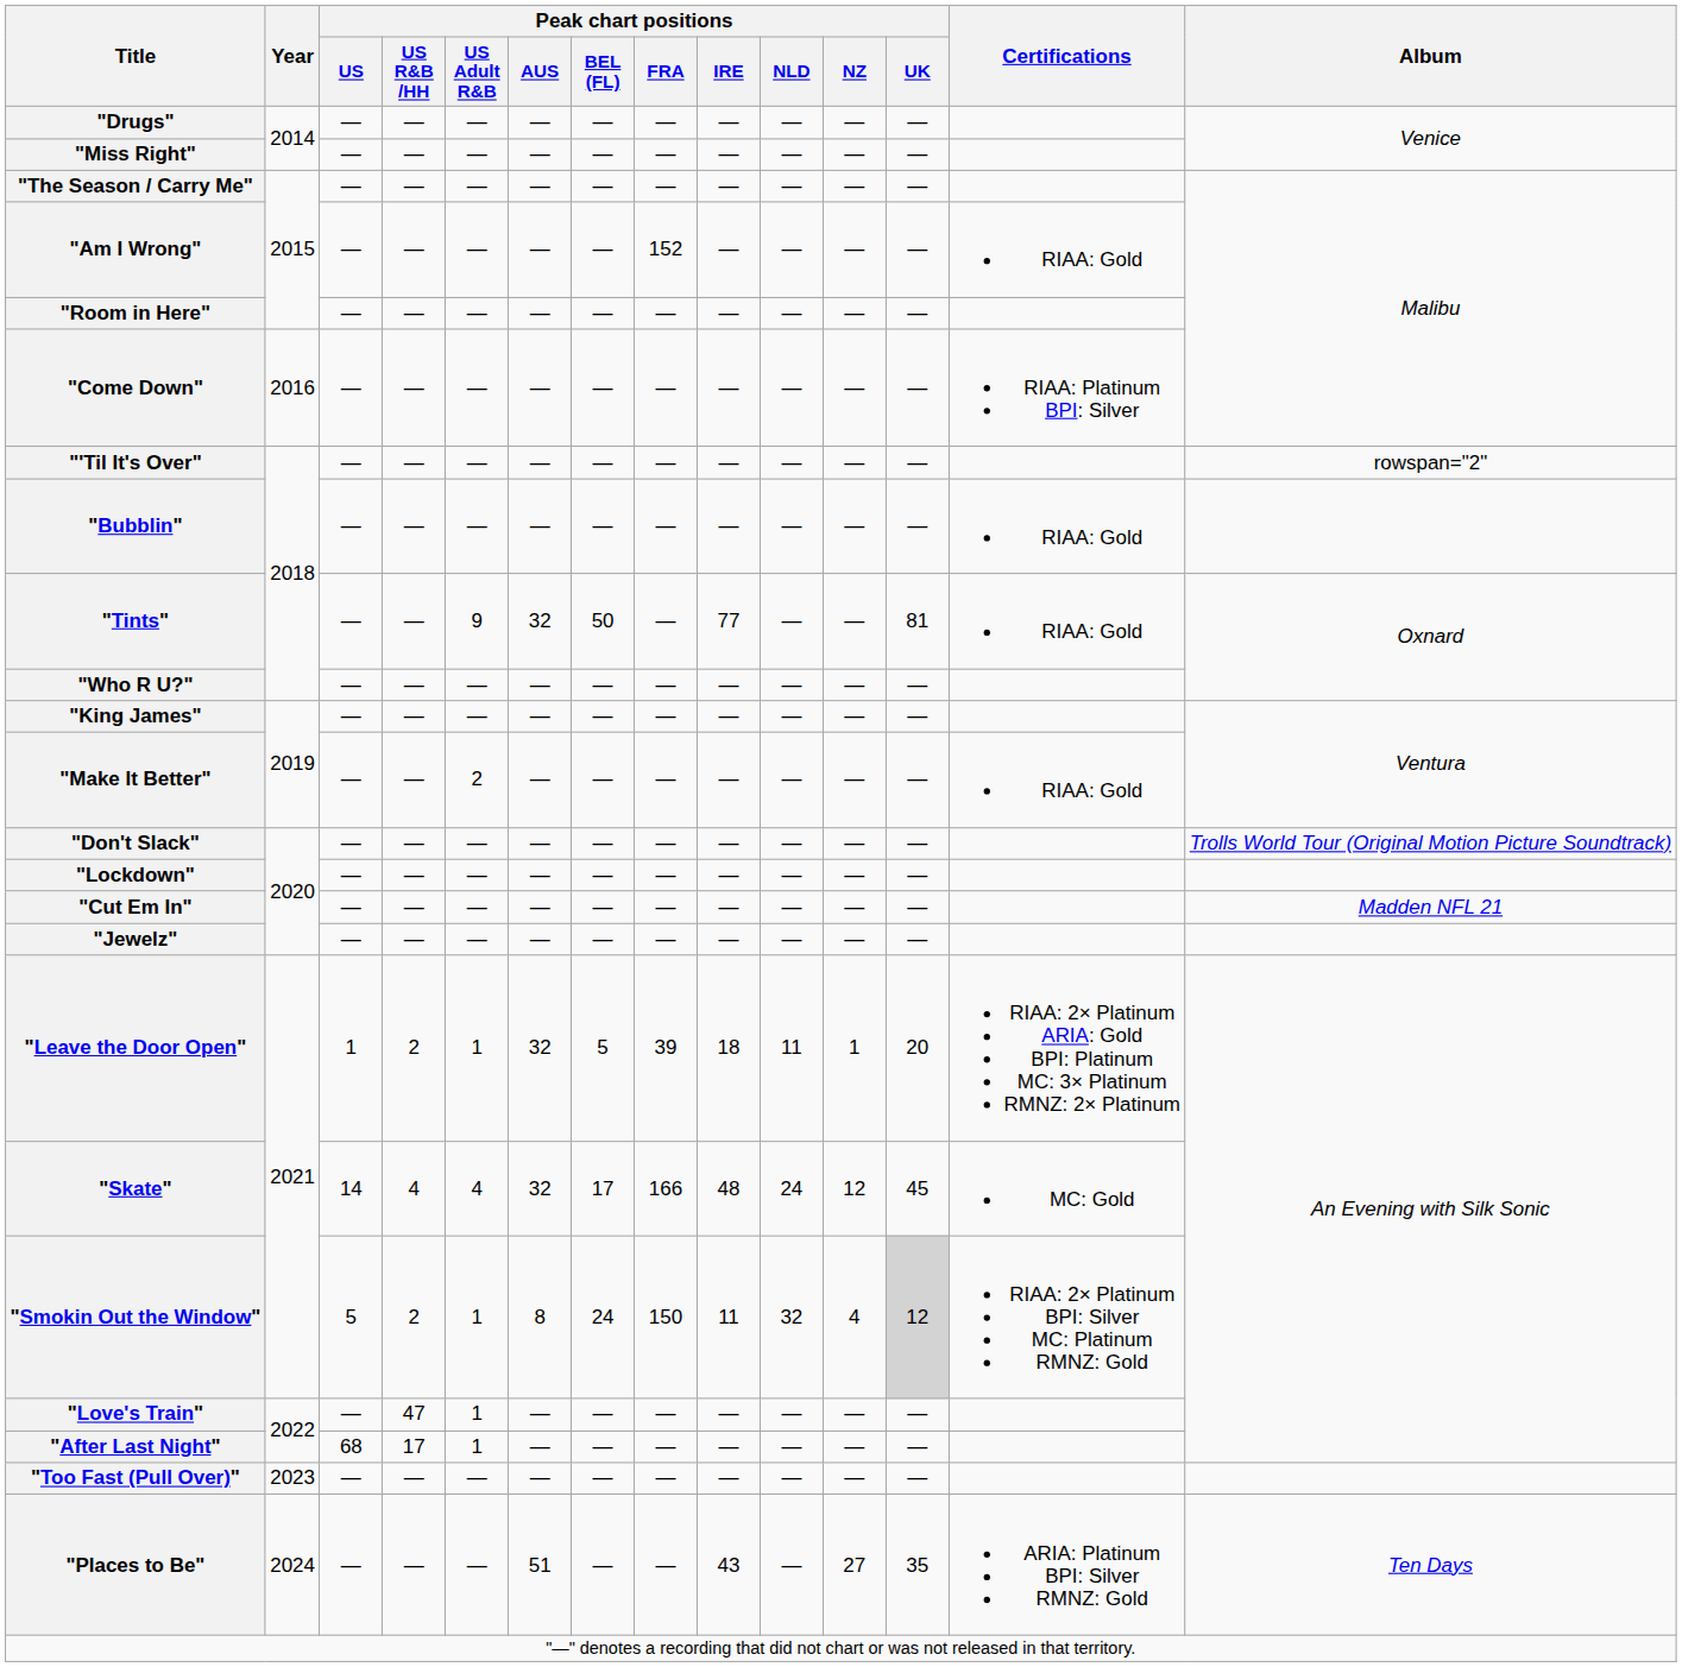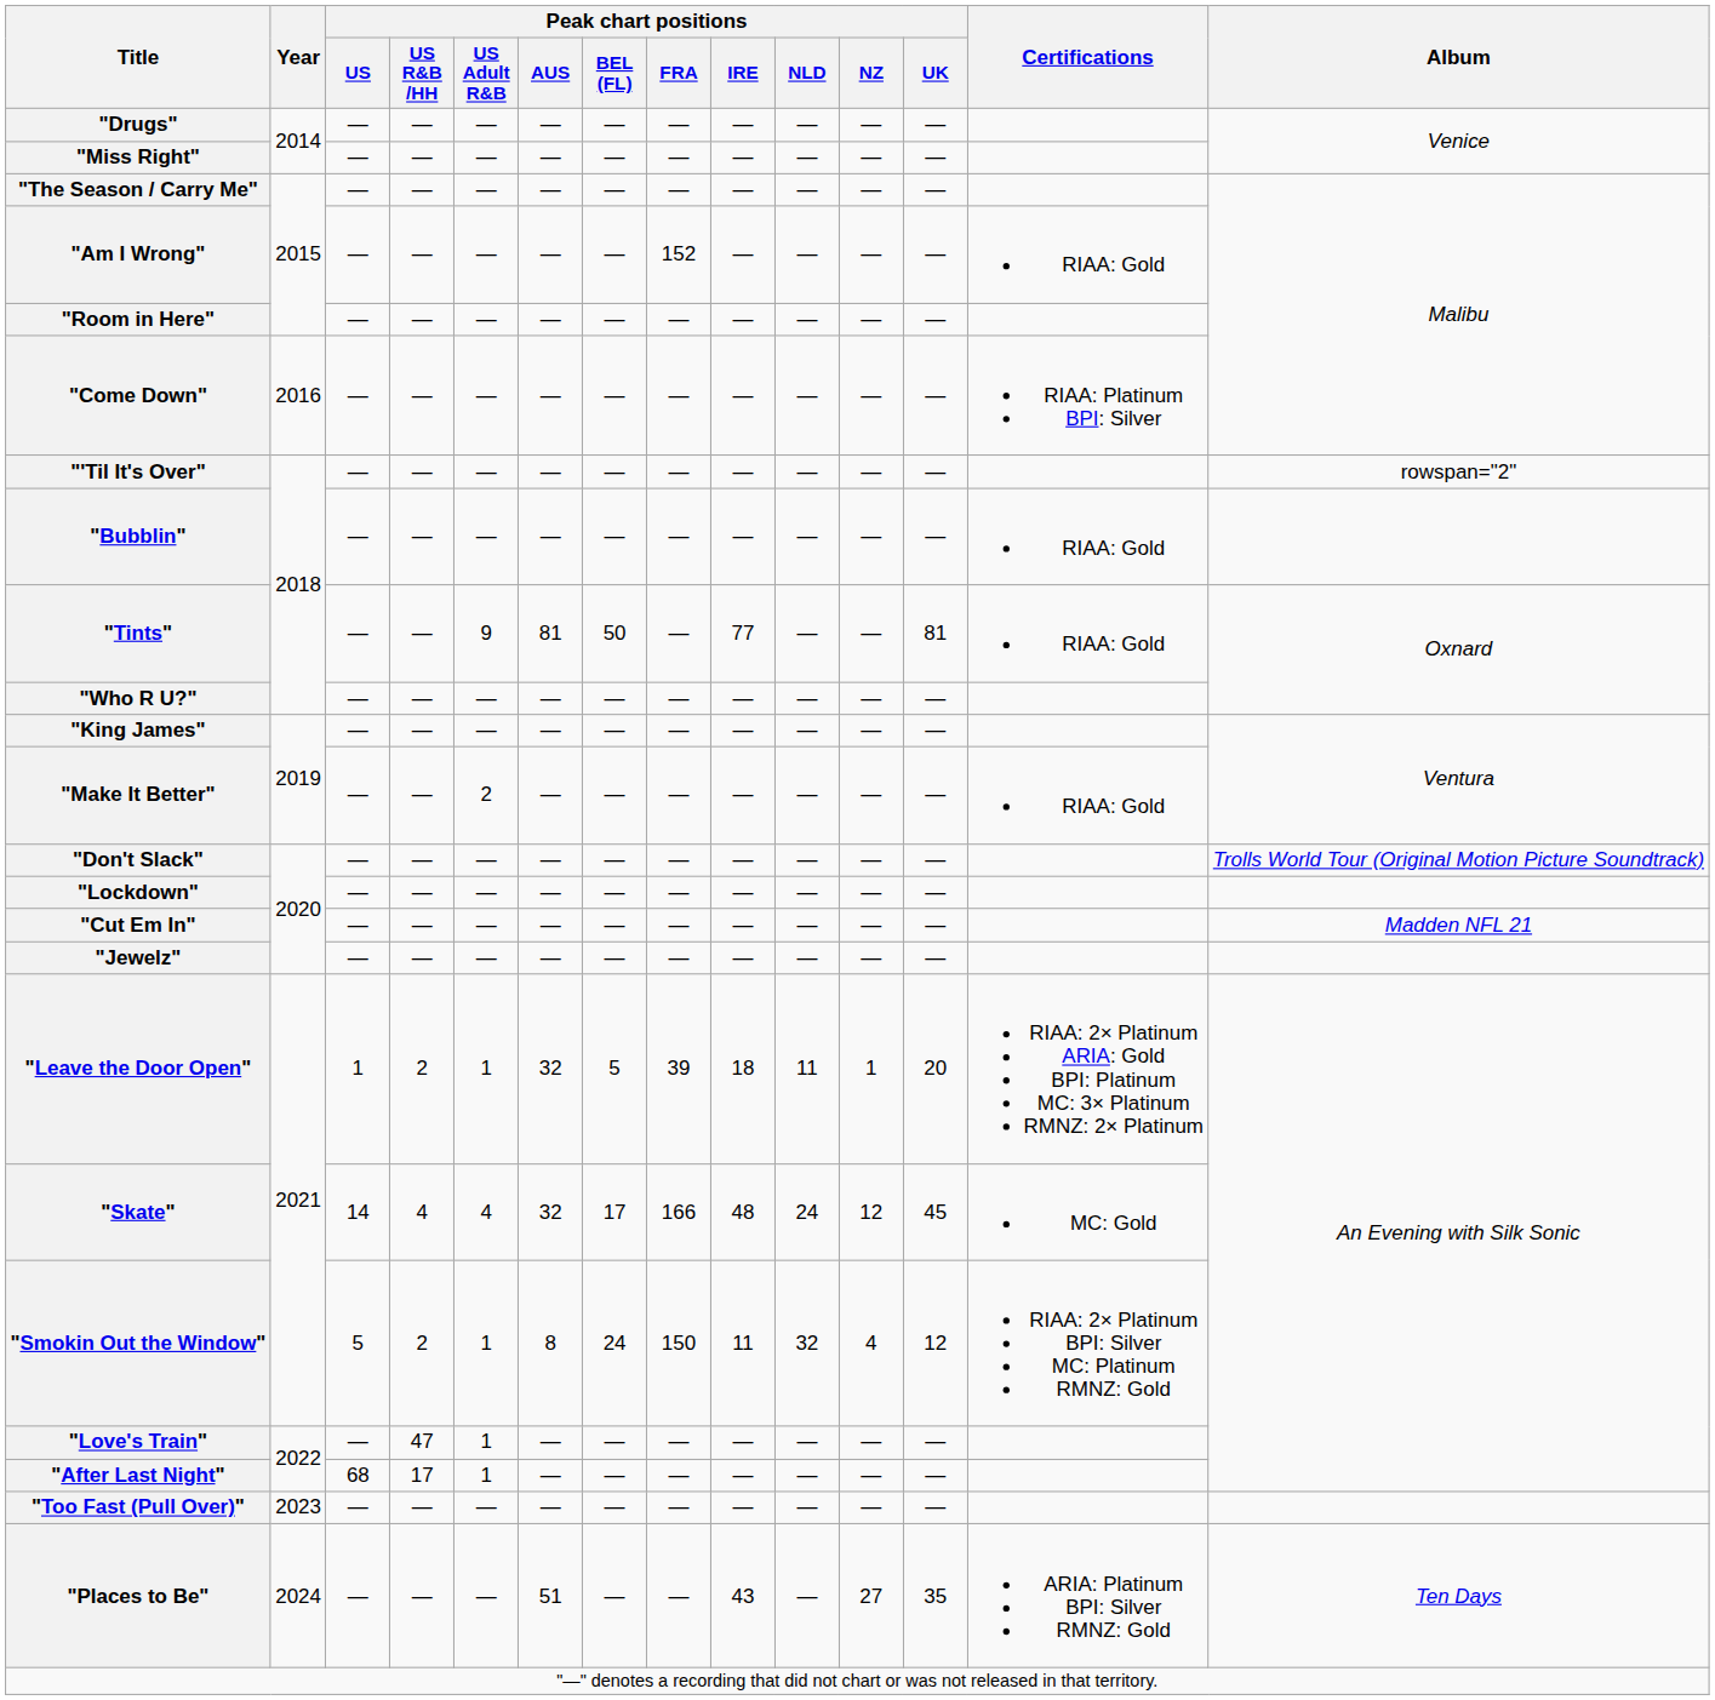 <table class="wikitable plainrowheaders" style="text-align:center;">
 <tr>
 <th scope="col" rowspan="2">Title</th>
 <th scope="col" rowspan="2">Year</th>
 <th scope="col" colspan="10">Peak chart positions</th>
 <th scope="col" rowspan="2"><a href='#'>Certifications</a></th>
 <th scope="col" rowspan="2">Album</th>
 </tr>
 <tr>
 <th scope="col" style="width:3em;font-size:90%;"><a href='#'>US</a><br></th>
 <th scope="col" style="width:3em;font-size:90%;"><a href='#'>US<br>R&B<br>/HH</a><br></th>
 <th scope="col" style="width:3em;font-size:90%;"><a href='#'>US<br>Adult<br>R&B</a><br></th>
 <th scope="col" style="width:3em;font-size:90%;"><a href='#'>AUS</a><br></th>
 <th scope="col" style="width:3em;font-size:90%;"><a href='#'>BEL<br>(FL)</a><br></th>
 <th scope="col" style="width:3em;font-size:90%;"><a href='#'>FRA</a><br></th>
 <th scope="col" style="width:3em;font-size:90%;"><a href='#'>IRE</a><br></th>
 <th scope="col" style="width:3em;font-size:90%;"><a href='#'>NLD</a><br></th>
 <th scope="col" style="width:3em;font-size:90%;"><a href='#'>NZ</a><br></th>
 <th scope="col" style="width:3em;font-size:90%;"><a href='#'>UK</a><br></th>
 </tr>
 <tr>
 <th scope="row">"Drugs"</th>
 <td rowspan="2">2014</td>
 <td>—</td>
 <td>—</td>
 <td>—</td>
 <td>—</td>
 <td>—</td>
 <td>—</td>
 <td>—</td>
 <td>—</td>
 <td>—</td>
 <td>—</td>
 <td></td>
 <td rowspan="2"><em>Venice</em></td>
 </tr>
 <tr>
 <th scope="row">"Miss Right"</th>
 <td>—</td>
 <td>—</td>
 <td>—</td>
 <td>—</td>
 <td>—</td>
 <td>—</td>
 <td>—</td>
 <td>—</td>
 <td>—</td>
 <td>—</td>
 <td></td>
 </tr>
 <tr>
 <th scope="row">"The Season / Carry Me"</th>
 <td rowspan="3">2015</td>
 <td>—</td>
 <td>—</td>
 <td>—</td>
 <td>—</td>
 <td>—</td>
 <td>—</td>
 <td>—</td>
 <td>—</td>
 <td>—</td>
 <td>—</td>
 <td></td>
 <td rowspan="4"><em>Malibu</em></td>
 </tr>
 <tr>
 <th scope="row">"Am I Wrong"<br></th>
 <td>—</td>
 <td>—</td>
 <td>—</td>
 <td>—</td>
 <td>—</td>
 <td>152</td>
 <td>—</td>
 <td>—</td>
 <td>—</td>
 <td>—</td>
 <td><br><ul><li>RIAA: Gold</li></ul></td>
 </tr>
 <tr>
 <th scope="row">"Room in Here"<br></th>
 <td>—</td>
 <td>—</td>
 <td>—</td>
 <td>—</td>
 <td>—</td>
 <td>—</td>
 <td>—</td>
 <td>—</td>
 <td>—</td>
 <td>—</td>
 <td></td>
 </tr>
 <tr>
 <th scope="row">"Come Down"<br></th>
 <td>2016</td>
 <td>—</td>
 <td>—</td>
 <td>—</td>
 <td>—</td>
 <td>—</td>
 <td>—</td>
 <td>—</td>
 <td>—</td>
 <td>—</td>
 <td>—</td>
 <td><br><ul><li>RIAA: Platinum</li><li><a href='#'>BPI</a>: Silver</li></ul></td>
 </tr>
 <tr>
 <th scope="row">"'Til It's Over"<br></th>
 <td rowspan="4">2018</td>
 <td>—</td>
 <td>—</td>
 <td>—</td>
 <td>—</td>
 <td>—</td>
 <td>—</td>
 <td>—</td>
 <td>—</td>
 <td>—</td>
 <td>—</td>
 <td></td>
 <td>rowspan="2" </td>
 </tr>
 <tr>
 <th scope="row">"<a href='#'>Bubblin</a>"</th>
 <td>—</td>
 <td>—</td>
 <td>—</td>
 <td>—</td>
 <td>—</td>
 <td>—</td>
 <td>—</td>
 <td>—</td>
 <td>—</td>
 <td>—</td>
 <td><br><ul><li>RIAA: Gold</li></ul></td>
 </tr>
 <tr>
 <th scope="row">"<a href='#'>Tints</a>"<br></th>
 <td>—</td>
 <td>—</td>
 <td>9</td>
-<td>32</td>
+<td>81</td>
 <td>50</td>
 <td>—</td>
 <td>77</td>
 <td>—</td>
 <td>—</td>
 <td>81</td>
 <td><br><ul><li>RIAA: Gold</li></ul></td>
 <td rowspan="2"><em>Oxnard</em></td>
 </tr>
 <tr>
 <th scope="row">"Who R U?"</th>
 <td>—</td>
 <td>—</td>
 <td>—</td>
 <td>—</td>
 <td>—</td>
 <td>—</td>
 <td>—</td>
 <td>—</td>
 <td>—</td>
 <td>—</td>
 <td></td>
 </tr>
 <tr>
 <th scope="row">"King James"</th>
 <td rowspan="2">2019</td>
 <td>—</td>
 <td>—</td>
 <td>—</td>
 <td>—</td>
 <td>—</td>
 <td>—</td>
 <td>—</td>
 <td>—</td>
 <td>—</td>
 <td>—</td>
 <td></td>
 <td rowspan="2"><em>Ventura</em></td>
 </tr>
 <tr>
 <th scope="row">"Make It Better"<br></th>
 <td>—</td>
 <td>—</td>
 <td>2</td>
 <td>—</td>
 <td>—</td>
 <td>—</td>
 <td>—</td>
 <td>—</td>
 <td>—</td>
 <td>—</td>
 <td><br><ul><li>RIAA: Gold</li></ul></td>
 </tr>
 <tr>
 <th scope="row">"Don't Slack"<br></th>
 <td rowspan="4">2020</td>
 <td>—</td>
 <td>—</td>
 <td>—</td>
 <td>—</td>
 <td>—</td>
 <td>—</td>
 <td>—</td>
 <td>—</td>
 <td>—</td>
 <td>—</td>
 <td></td>
 <td><em><a href='#'>Trolls World Tour (Original Motion Picture Soundtrack)</a></em></td>
 </tr>
 <tr>
 <th scope="row">"Lockdown"</th>
 <td>—</td>
 <td>—</td>
 <td>—</td>
 <td>—</td>
 <td>—</td>
 <td>—</td>
 <td>—</td>
 <td>—</td>
 <td>—</td>
 <td>—</td>
 <td></td>
 <td></td>
 </tr>
 <tr>
 <th scope="row">"Cut Em In"<br></th>
 <td>—</td>
 <td>—</td>
 <td>—</td>
 <td>—</td>
 <td>—</td>
 <td>—</td>
 <td>—</td>
 <td>—</td>
 <td>—</td>
 <td>—</td>
 <td></td>
 <td><em><a href='#'>Madden NFL 21</a></em></td>
 </tr>
 <tr>
 <th scope="row">"Jewelz"</th>
 <td>—</td>
 <td>—</td>
 <td>—</td>
 <td>—</td>
 <td>—</td>
 <td>—</td>
 <td>—</td>
 <td>—</td>
 <td>—</td>
 <td>—</td>
 <td></td>
 <td></td>
 </tr>
 <tr>
 <th scope="row">"<a href='#'>Leave the Door Open</a>"<br></th>
 <td rowspan="3">2021</td>
 <td>1</td>
 <td>2</td>
 <td>1</td>
 <td>32</td>
 <td>5</td>
 <td>39</td>
 <td>18</td>
 <td>11</td>
 <td>1</td>
 <td>20</td>
 <td><br><ul><li>RIAA: 2× Platinum</li><li><a href='#'>ARIA</a>: Gold</li><li>BPI: Platinum</li><li>MC: 3× Platinum</li><li>RMNZ: 2× Platinum</li></ul></td>
 <td rowspan="5"><em>An Evening with Silk Sonic</em></td>
 </tr>
 <tr>
 <th scope="row">"<a href='#'>Skate</a>"<br></th>
 <td>14</td>
 <td>4</td>
 <td>4</td>
 <td>32</td>
 <td>17</td>
 <td>166</td>
 <td>48</td>
 <td>24</td>
 <td>12</td>
 <td>45</td>
 <td><br><ul><li>MC: Gold</li></ul></td>
 </tr>
 <tr>
 <th scope="row">"<a href='#'>Smokin Out the Window</a>"<br></th>
 <td>5</td>
 <td>2</td>
 <td>1</td>
 <td>8</td>
 <td>24</td>
 <td>150</td>
 <td>11</td>
 <td>32</td>
 <td>4</td>
-<td style="background: lightgrey;">12</td>
+<td>12</td>
 <td><br><ul><li>RIAA: 2× Platinum</li><li>BPI: Silver</li><li>MC: Platinum</li><li>RMNZ: Gold</li></ul></td>
 </tr>
 <tr>
 <th scope="row">"<a href='#'>Love's Train</a>"<br></th>
 <td rowspan="2">2022</td>
 <td>—</td>
 <td>47</td>
 <td>1</td>
 <td>—</td>
 <td>—</td>
 <td>—</td>
 <td>—</td>
 <td>—</td>
 <td>—</td>
 <td —>—</td>
 <td></td>
 </tr>
 <tr>
 <th scope="row">"<a href='#'>After Last Night</a>"<br></th>
 <td>68</td>
 <td>17</td>
 <td>1</td>
 <td>—</td>
 <td>—</td>
 <td>—</td>
 <td>—</td>
 <td>—</td>
 <td>—</td>
 <td>—</td>
 <td></td>
 </tr>
 <tr>
 <th scope="row">"<a href='#'>Too Fast (Pull Over)</a>"<br></th>
 <td>2023</td>
 <td>—</td>
 <td>—</td>
 <td>—</td>
 <td>—</td>
 <td>—</td>
 <td>—</td>
 <td>—</td>
 <td>—</td>
 <td>—</td>
 <td>—</td>
 <td></td>
 <td></td>
 </tr>
 <tr>
 <th scope="row">"Places to Be"<br></th>
 <td>2024</td>
 <td>—</td>
 <td>—</td>
 <td>—</td>
 <td>51</td>
 <td>—</td>
 <td>—</td>
 <td>43<br></td>
 <td>—</td>
 <td>27<br></td>
 <td>35</td>
 <td><br><ul><li>ARIA: Platinum</li><li>BPI: Silver</li><li>RMNZ: Gold</li></ul></td>
 <td><em><a href='#'>Ten Days</a></em></td>
 </tr>
 <tr>
 <td colspan="14" style="font-size:85%">"—" denotes a recording that did not chart or was not released in that territory.</td>
 </tr>
 </table>
